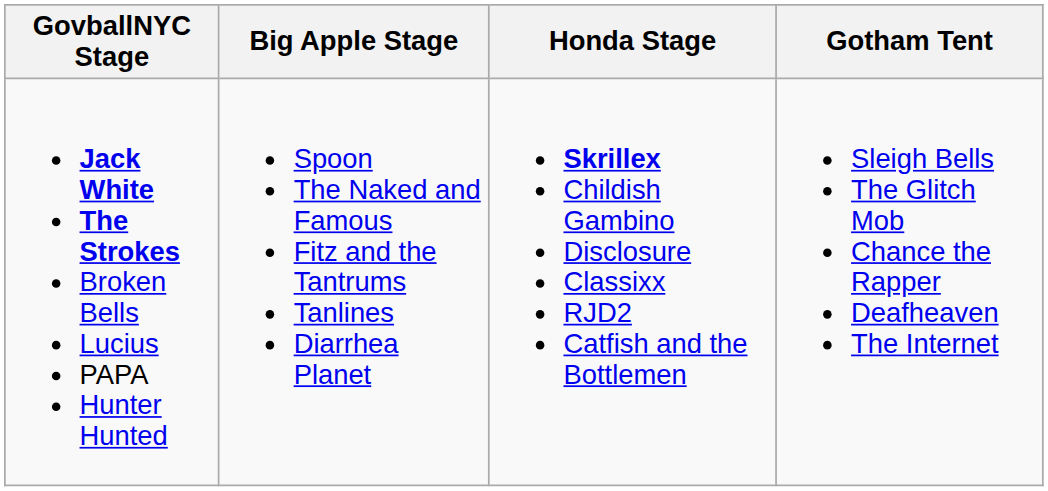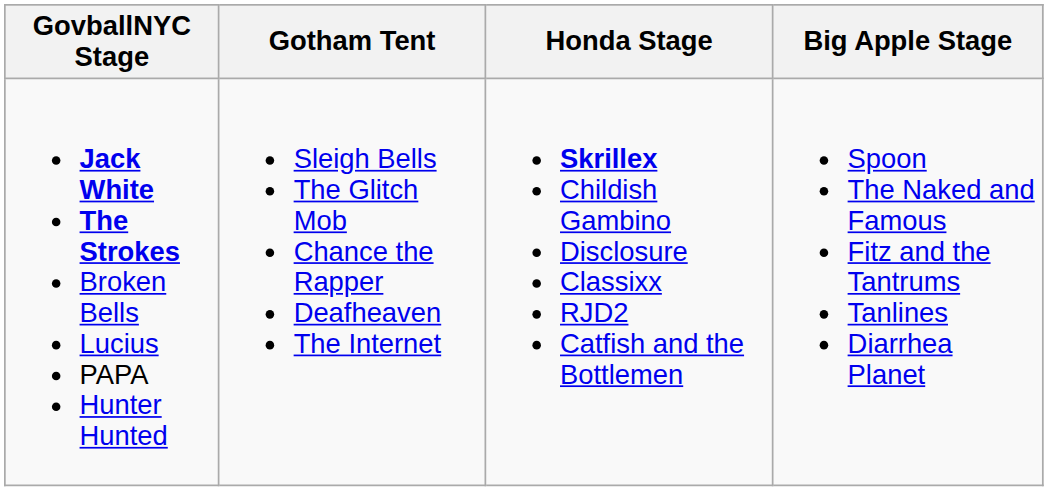 <table class="wikitable">
 <tr>
 <th>GovballNYC Stage</th>
+<th>Gotham Tent</th>
+<th>Honda Stage</th>
 <th>Big Apple Stage</th>
-<th>Honda Stage</th>
-<th>Gotham Tent</th>
 </tr>
 <tr valign="top">
 <td><br><ul><li><strong><a href='#'>Jack White</a></strong></li><li><strong><a href='#'>The Strokes</a></strong></li><li><a href='#'>Broken Bells</a></li><li><a href='#'>Lucius</a></li><li>PAPA</li><li><a href='#'>Hunter Hunted</a></li></ul></td>
+<td><br><ul><li><a href='#'>Sleigh Bells</a></li><li><a href='#'>The Glitch Mob</a></li><li><a href='#'>Chance the Rapper</a></li><li><a href='#'>Deafheaven</a></li><li><a href='#'>The Internet</a></li></ul></td>
+<td><br><ul><li><strong><a href='#'>Skrillex</a></strong></li><li><a href='#'>Childish Gambino</a></li><li><a href='#'>Disclosure</a></li><li><a href='#'>Classixx</a></li><li><a href='#'>RJD2</a></li><li><a href='#'>Catfish and the Bottlemen</a></li></ul></td>
 <td><br><ul><li><a href='#'>Spoon</a></li><li><a href='#'>The Naked and Famous</a></li><li><a href='#'>Fitz and the Tantrums</a></li><li><a href='#'>Tanlines</a></li><li><a href='#'>Diarrhea Planet</a></li></ul></td>
-<td><br><ul><li><strong><a href='#'>Skrillex</a></strong></li><li><a href='#'>Childish Gambino</a></li><li><a href='#'>Disclosure</a></li><li><a href='#'>Classixx</a></li><li><a href='#'>RJD2</a></li><li><a href='#'>Catfish and the Bottlemen</a></li></ul></td>
-<td><br><ul><li><a href='#'>Sleigh Bells</a></li><li><a href='#'>The Glitch Mob</a></li><li><a href='#'>Chance the Rapper</a></li><li><a href='#'>Deafheaven</a></li><li><a href='#'>The Internet</a></li></ul></td>
 </tr>
 </table>
